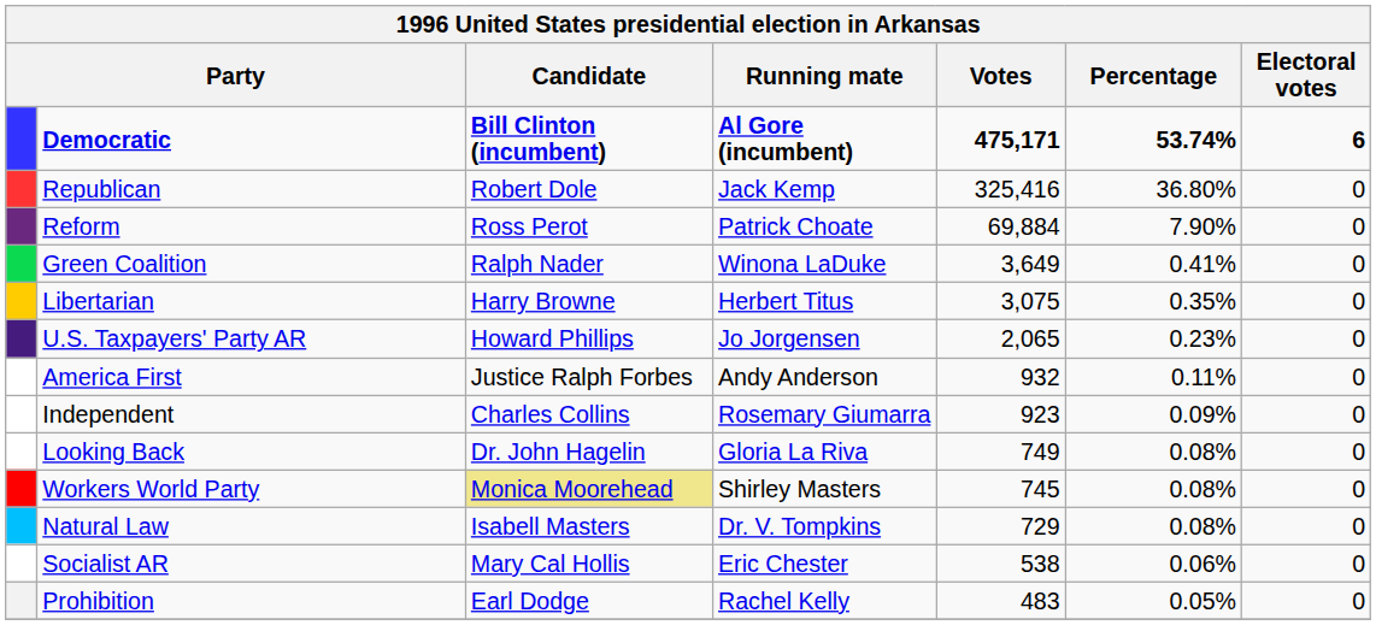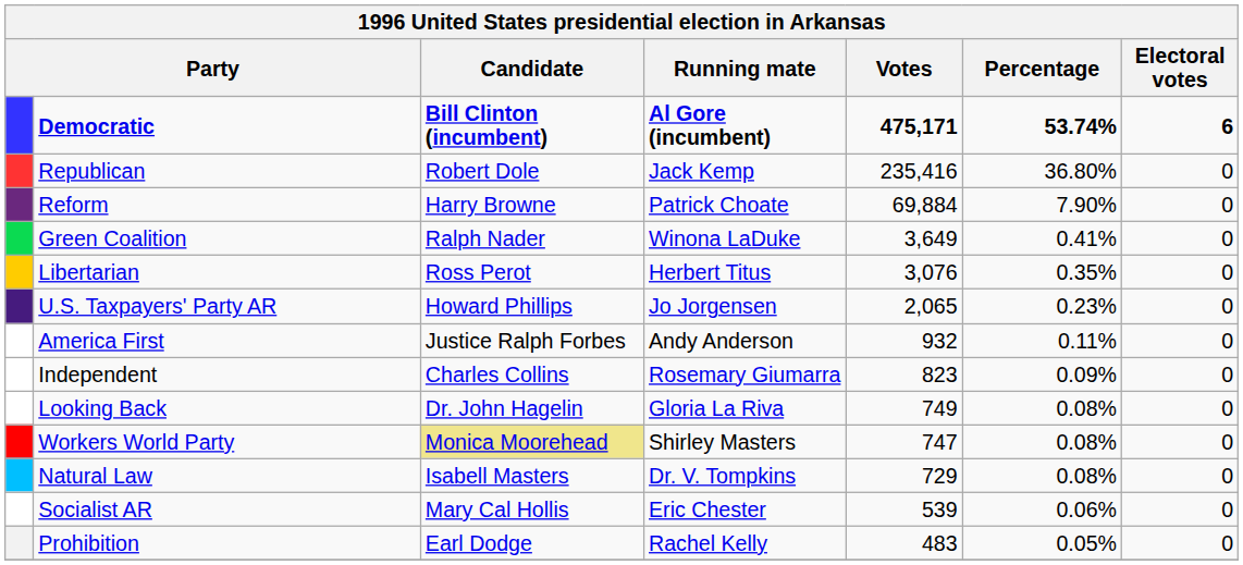 <table class="wikitable" style="font-size: 95%;">
 <tr>
 <th colspan="7">1996 United States presidential election in Arkansas</th>
 </tr>
 <tr>
 <th colspan="2" style="width: 19em">Party</th>
 <th style="width: 10em">Candidate</th>
 <th style="width: 9em">Running mate</th>
 <th style="width: 5em">Votes</th>
 <th style="width: 7em">Percentage</th>
 <th style="width: 5em">Electoral votes</th>
 </tr>
 <tr>
 <th style="background-color:#3333FF; width: 3px"></th>
 <td style="width: 130px"><strong><a href='#'>Democratic</a></strong></td>
 <td><strong><a href='#'>Bill Clinton</a> (<a href='#'>incumbent</a>)</strong></td>
 <td><strong><a href='#'>Al Gore</a></strong> <strong>(incumbent)</strong></td>
 <td align="right"><strong>475,171</strong></td>
 <td align="right"><strong>53.74%</strong></td>
 <td align="right"><strong>6</strong></td>
 </tr>
 <tr>
 <th style="background-color:#FF3333; width: 3px"></th>
 <td style="width: 130px"><a href='#'>Republican</a></td>
 <td><a href='#'>Robert Dole</a></td>
 <td><a href='#'>Jack Kemp</a></td>
-<td align="right">325,416</td>
+<td align="right">235,416</td>
 <td align="right">36.80%</td>
 <td align="right">0</td>
 </tr>
 <tr>
 <th style="background-color:#6A287E; width: 3px"></th>
 <td style="width: 130px"><a href='#'>Reform</a></td>
-<td><a href='#'>Ross Perot</a></td>
+<td><a href='#'>Harry Browne</a></td>
 <td><a href='#'>Patrick Choate</a></td>
 <td align="right">69,884</td>
 <td align="right">7.90%</td>
 <td align="right">0</td>
 </tr>
 <tr>
 <th style="background-color:#0BDA51; width: 3px"></th>
 <td style="width: 130px"><a href='#'>Green Coalition</a></td>
 <td><a href='#'>Ralph Nader</a></td>
 <td><a href='#'>Winona LaDuke</a></td>
 <td align="right">3,649</td>
 <td align="right">0.41%</td>
 <td align="right">0</td>
 </tr>
 <tr>
 <th style="background-color:#FFCC00; width: 3px"></th>
 <td style="width: 130px"><a href='#'>Libertarian</a></td>
-<td><a href='#'>Harry Browne</a></td>
+<td><a href='#'>Ross Perot</a></td>
 <td><a href='#'>Herbert Titus</a></td>
-<td align="right">3,075</td>
+<td align="right">3,076</td>
 <td align="right">0.35%</td>
 <td align="right">0</td>
 </tr>
 <tr>
 <th style="background-color:#461B7E; width: 3px"></th>
 <td style="width: 130px"><a href='#'>U.S. Taxpayers' Party AR</a></td>
 <td><a href='#'>Howard Phillips</a></td>
 <td><a href='#'>Jo Jorgensen</a></td>
 <td align="right">2,065</td>
 <td align="right">0.23%</td>
 <td align="right">0</td>
 </tr>
 <tr>
 <th style="background-color:#FFFFFF; width: 3px"></th>
 <td style="width: 130px"><a href='#'>America First</a></td>
 <td>Justice Ralph Forbes</td>
 <td>Andy Anderson</td>
 <td align="right">932</td>
 <td align="right">0.11%</td>
 <td align="right">0</td>
 </tr>
 <tr>
 <th style="background-color:#FFFFFF; width: 3px"></th>
 <td style="width: 130px">Independent</td>
 <td><a href='#'>Charles Collins</a></td>
 <td><a href='#'>Rosemary Giumarra</a></td>
-<td align="right">923</td>
+<td align="right">823</td>
 <td align="right">0.09%</td>
 <td align="right">0</td>
 </tr>
 <tr>
 <th style="background-color:#FFFFFF; width: 3px"></th>
 <td style="width: 130px"><a href='#'>Looking Back</a></td>
 <td><a href='#'>Dr. John Hagelin</a></td>
 <td><a href='#'>Gloria La Riva</a></td>
 <td align="right">749</td>
 <td align="right">0.08%</td>
 <td align="right">0</td>
 </tr>
 <tr>
 <th style="background-color:#FF0000; width: 3px"></th>
 <td style="width: 130px"><a href='#'>Workers World Party</a></td>
 <td style="background: khaki;"><a href='#'>Monica Moorehead</a></td>
 <td>Shirley Masters</td>
-<td align="right">745</td>
+<td align="right">747</td>
 <td align="right">0.08%</td>
 <td align="right">0</td>
 </tr>
 <tr>
 <th style="background-color:#00BFFF; width: 3px"></th>
 <td style="width: 130px"><a href='#'>Natural Law</a></td>
 <td><a href='#'>Isabell Masters</a></td>
 <td><a href='#'>Dr. V. Tompkins</a></td>
 <td align="right">729</td>
 <td align="right">0.08%</td>
 <td align="right">0</td>
 </tr>
 <tr>
 <th style="background-color:#FFFFFF; width: 3px"></th>
 <td style="width: 130px"><a href='#'>Socialist AR</a></td>
 <td><a href='#'>Mary Cal Hollis</a></td>
 <td><a href='#'>Eric Chester</a></td>
-<td align="right">538</td>
+<td align="right">539</td>
 <td align="right">0.06%</td>
 <td align="right">0</td>
 </tr>
 <tr>
 <th style="background-color:"></th>
 <td style="width: 130px"><a href='#'>Prohibition</a></td>
 <td><a href='#'>Earl Dodge</a></td>
 <td><a href='#'>Rachel Kelly</a></td>
 <td align="right">483</td>
 <td align="right">0.05%</td>
 <td align="right">0</td>
 </tr>
 <tr>
 </tr>
 </table>
